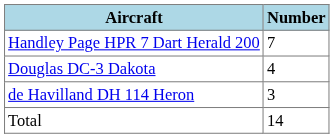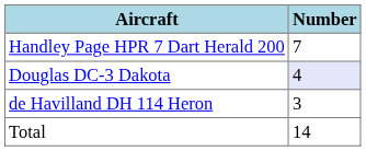 <table class="toccolours" border="1" cellpadding="3" style="border-collapse:collapse">
 <tr bgcolor=lightblue>
 <th>Aircraft</th>
 <th>Number</th>
 </tr>
 <tr>
 <td><a href='#'>Handley Page HPR 7 Dart Herald 200</a></td>
 <td>7</td>
 </tr>
 <tr>
 <td><a href='#'>Douglas DC-3 Dakota</a></td>
-<td>4</td>
+<td style="background: lavender;">4</td>
 </tr>
 <tr>
 <td><a href='#'>de Havilland DH 114 Heron</a></td>
 <td>3</td>
 </tr>
 <tr>
 <td>Total</td>
 <td>14</td>
 </tr>
 </table>
